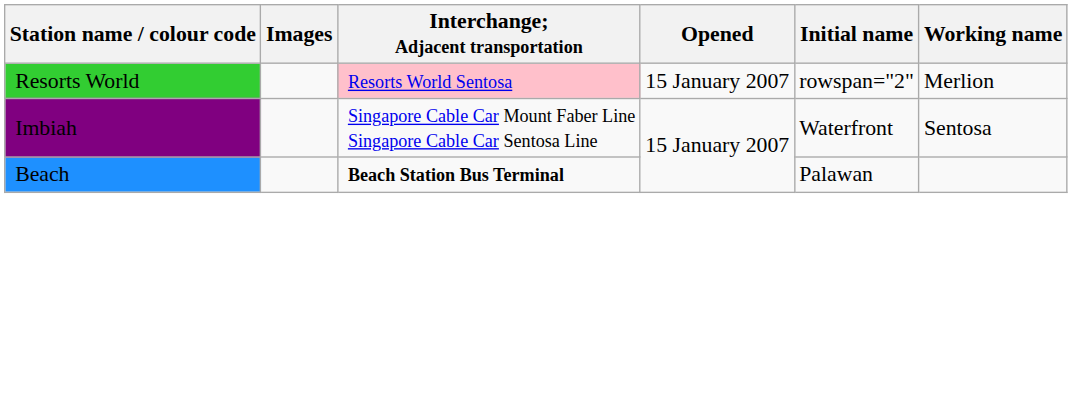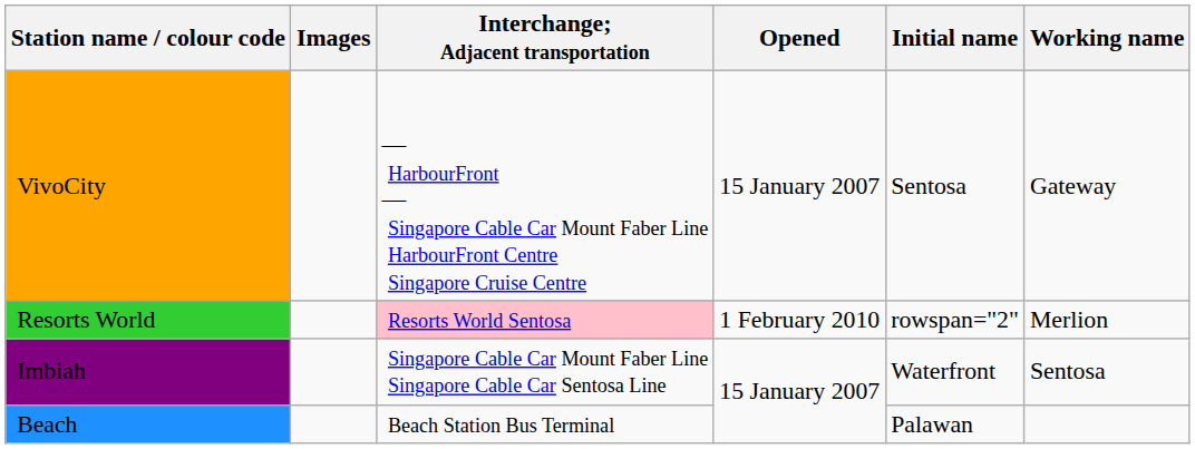 <table class="wikitable">
 <tr>
 <th>Station name / colour code</th>
 <th>Images</th>
 <th>Interchange;<br><small>Adjacent transportation</small></th>
 <th>Opened</th>
 <th>Initial name</th>
 <th>Working name</th>
 </tr>
 <tr>
+<td bgcolor=orange> <span>VivoCity</span></td>
+<td></td>
+<td>  <br>  <br>―<br> <small><a href='#'>HarbourFront</a></small><br>―<br> <small><a href='#'>Singapore Cable Car</a> Mount Faber Line</small><br> <small><a href='#'>HarbourFront Centre</a></small> <br> <small><a href='#'>Singapore Cruise Centre</a></small> </td>
+<td>15 January 2007</td>
+<td>Sentosa</td>
+<td>Gateway</td>
+</tr>
+<tr>
 <td bgcolor=limegreen> <span>Resorts World</span></td>
 <td></td>
 <td style="background: pink;"> <small><a href='#'>Resorts World Sentosa</a></small></td>
-<td>15 January 2007</td>
+<td>1 February 2010</td>
 <td>rowspan="2"</td>
 <td>Merlion</td>
 </tr>
 <tr>
 <td bgcolor=purple> <span>Imbiah</span></td>
 <td></td>
 <td> <small><a href='#'>Singapore Cable Car</a> Mount Faber Line</small><br> <small><a href='#'>Singapore Cable Car</a> Sentosa Line</small></td>
 <td rowspan="2">15 January 2007</td>
 <td>Waterfront</td>
 <td>Sentosa</td>
 </tr>
 <tr>
 <td bgcolor=dodgerblue> <span>Beach</span></td>
 <td></td>
-<td><strong> <small>Beach Station Bus Terminal</small></strong></td>
+<td> <small>Beach Station Bus Terminal</small></td>
 <td>Palawan</td>
 </tr>
 </table>
